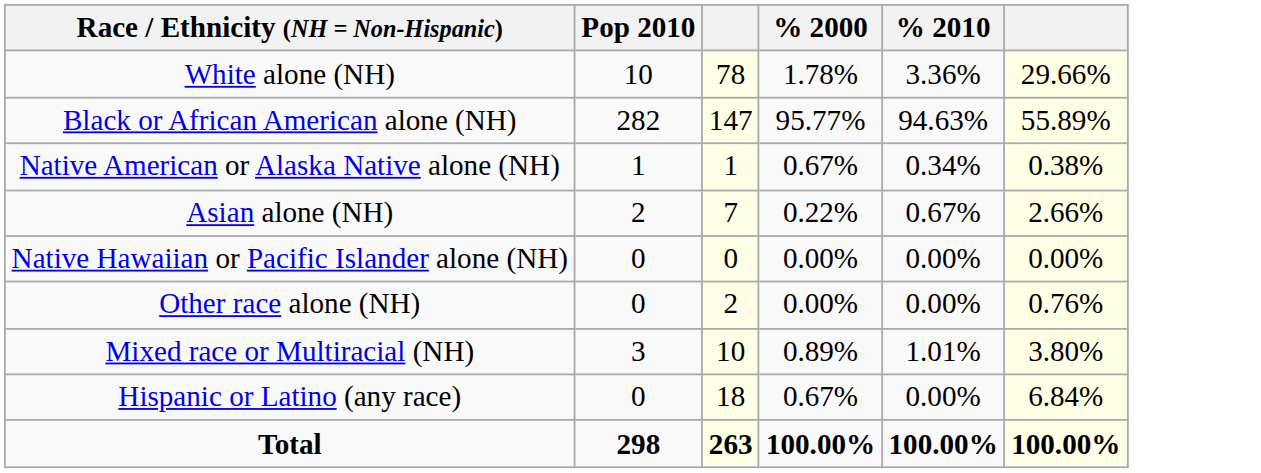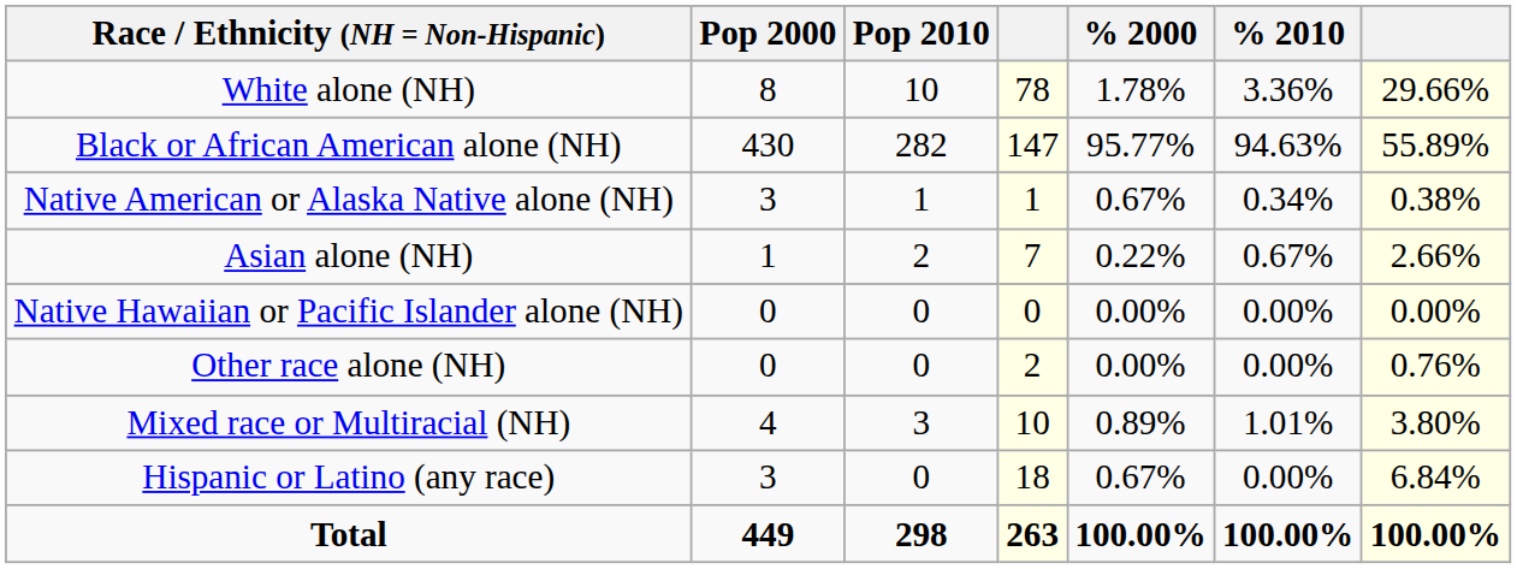 <table class="wikitable" style="text-align:center;">
 <tr>
 <th>Race / Ethnicity <small>(<em>NH = Non-Hispanic</em>)</small></th>
+<th>Pop 2000</th>
 <th>Pop 2010</th>
 <th></th>
 <th>% 2000</th>
 <th>% 2010</th>
 <th></th>
 </tr>
 <tr>
 <td><a href='#'>White</a> alone (NH)</td>
+<td>8</td>
 <td>10</td>
 <td style='background: #ffffe6;'>78</td>
 <td>1.78%</td>
 <td>3.36%</td>
 <td style='background: #ffffe6;'>29.66%</td>
 </tr>
 <tr>
 <td><a href='#'>Black or African American</a> alone (NH)</td>
+<td>430</td>
 <td>282</td>
 <td style='background: #ffffe6;'>147</td>
 <td>95.77%</td>
 <td>94.63%</td>
 <td style='background: #ffffe6;'>55.89%</td>
 </tr>
 <tr>
 <td><a href='#'>Native American</a> or <a href='#'>Alaska Native</a> alone (NH)</td>
+<td>3</td>
 <td>1</td>
 <td style='background: #ffffe6;'>1</td>
 <td>0.67%</td>
 <td>0.34%</td>
 <td style='background: #ffffe6;'>0.38%</td>
 </tr>
 <tr>
 <td><a href='#'>Asian</a> alone (NH)</td>
+<td>1</td>
 <td>2</td>
 <td style='background: #ffffe6;'>7</td>
 <td>0.22%</td>
 <td>0.67%</td>
 <td style='background: #ffffe6;'>2.66%</td>
 </tr>
 <tr>
 <td><a href='#'>Native Hawaiian</a> or <a href='#'>Pacific Islander</a> alone (NH)</td>
 <td>0</td>
+<td>0</td>
 <td style='background: #ffffe6;'>0</td>
 <td>0.00%</td>
 <td>0.00%</td>
 <td style='background: #ffffe6;'>0.00%</td>
 </tr>
 <tr>
 <td><a href='#'>Other race</a> alone (NH)</td>
 <td>0</td>
+<td>0</td>
 <td style='background: #ffffe6;'>2</td>
 <td>0.00%</td>
 <td>0.00%</td>
 <td style='background: #ffffe6;'>0.76%</td>
 </tr>
 <tr>
 <td><a href='#'>Mixed race or Multiracial</a> (NH)</td>
+<td>4</td>
 <td>3</td>
 <td style='background: #ffffe6;'>10</td>
 <td>0.89%</td>
 <td>1.01%</td>
 <td style='background: #ffffe6;'>3.80%</td>
 </tr>
 <tr>
 <td><a href='#'>Hispanic or Latino</a> (any race)</td>
+<td>3</td>
 <td>0</td>
 <td style='background: #ffffe6;'>18</td>
 <td>0.67%</td>
 <td>0.00%</td>
 <td style='background: #ffffe6;'>6.84%</td>
 </tr>
 <tr>
 <td><strong>Total</strong></td>
+<td><strong>449</strong></td>
 <td><strong>298</strong></td>
 <td style='background: #ffffe6;'><strong>263</strong></td>
 <td><strong>100.00%</strong></td>
 <td><strong>100.00%</strong></td>
 <td style='background: #ffffe6;'><strong>100.00%</strong></td>
 </tr>
 </table>
